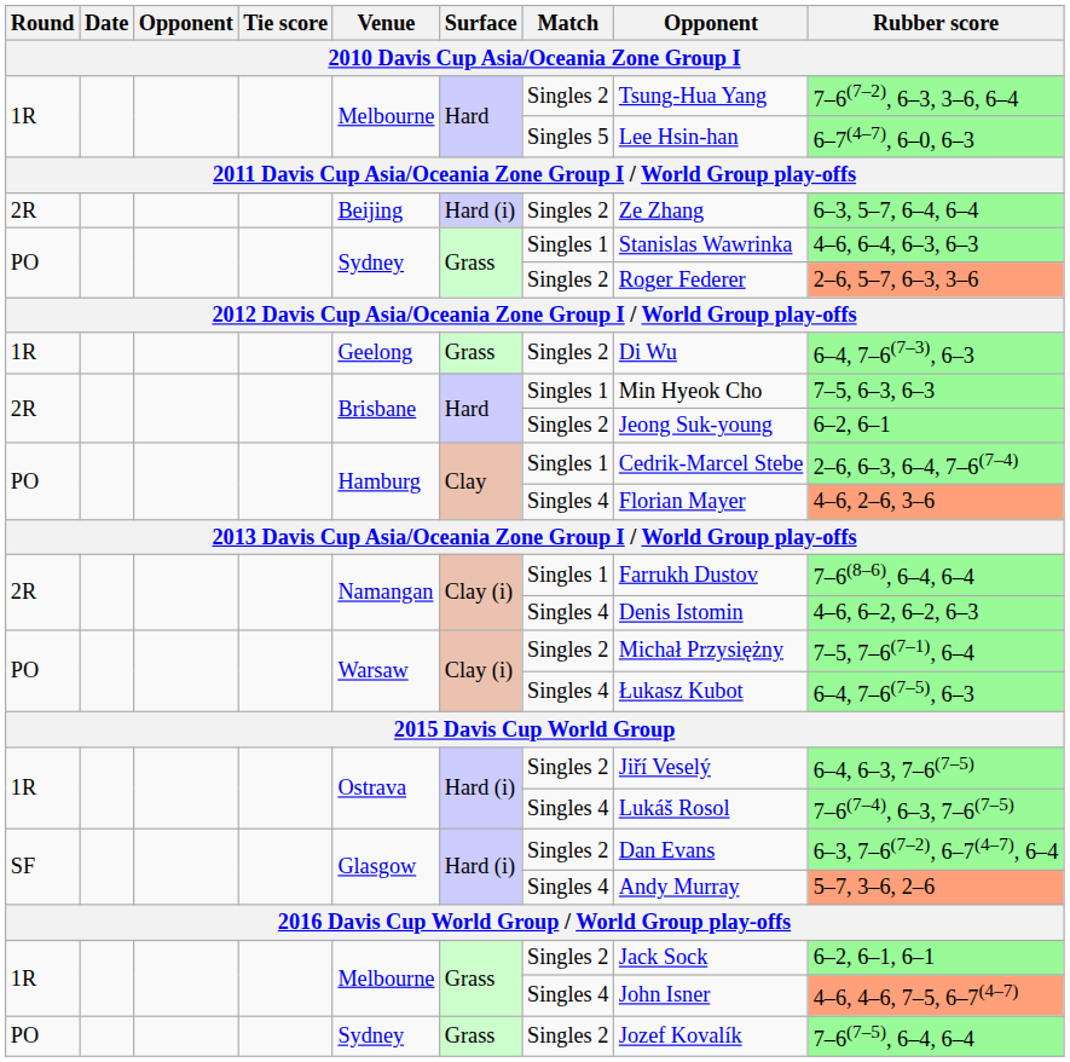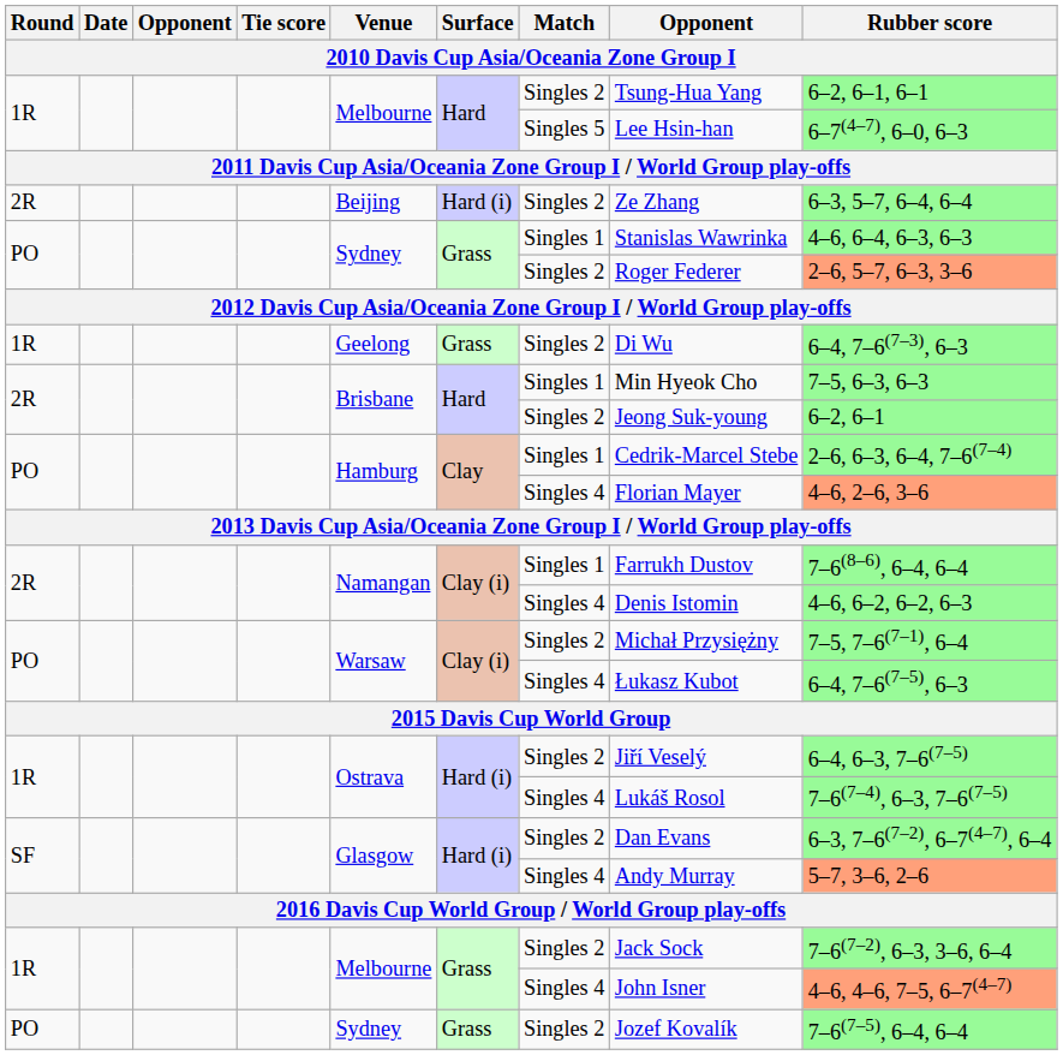 <table class="wikitable style="font-size:96%">
 <tr>
 <th>Round</th>
 <th>Date</th>
 <th>Opponent</th>
 <th>Tie score</th>
 <th>Venue</th>
 <th>Surface</th>
 <th>Match</th>
 <th>Opponent</th>
 <th>Rubber score</th>
 </tr>
 <tr>
 <th colspan=9><a href='#'>2010 Davis Cup Asia/Oceania Zone Group I</a></th>
 </tr>
 <tr>
 <td rowspan=2>1R</td>
 <td rowspan=2></td>
 <td rowspan=2></td>
 <td rowspan=2></td>
 <td rowspan=2><a href='#'>Melbourne</a></td>
 <td rowspan="2"  style="background:#ccf;">Hard</td>
 <td>Singles 2</td>
 <td><a href='#'>Tsung-Hua Yang</a></td>
-<td bgcolor=98fb98>7–6<sup>(7–2)</sup>, 6–3, 3–6, 6–4</td>
+<td bgcolor=98fb98>6–2, 6–1, 6–1</td>
 </tr>
 <tr>
 <td>Singles 5</td>
 <td><a href='#'>Lee Hsin-han</a></td>
 <td bgcolor=98fb98>6–7<sup>(4–7)</sup>, 6–0, 6–3</td>
 </tr>
 <tr>
 <th colspan=9><a href='#'>2011 Davis Cup Asia/Oceania Zone Group I</a> / <a href='#'>World Group play-offs</a></th>
 </tr>
 <tr>
 <td>2R</td>
 <td></td>
 <td></td>
 <td></td>
 <td><a href='#'>Beijing</a></td>
 <td style="background:#ccf;">Hard (i)</td>
 <td>Singles 2</td>
 <td><a href='#'>Ze Zhang</a></td>
 <td bgcolor=98fb98>6–3, 5–7, 6–4, 6–4</td>
 </tr>
 <tr>
 <td rowspan=2>PO</td>
 <td rowspan=2></td>
 <td rowspan=2></td>
 <td rowspan=2></td>
 <td rowspan=2><a href='#'>Sydney</a></td>
 <td rowspan="2"  style="background:#cfc;">Grass</td>
 <td>Singles 1</td>
 <td><a href='#'>Stanislas Wawrinka</a></td>
 <td bgcolor=98fb98>4–6, 6–4, 6–3, 6–3</td>
 </tr>
 <tr>
 <td>Singles 2</td>
 <td><a href='#'>Roger Federer</a></td>
 <td bgcolor=FFA07A>2–6, 5–7, 6–3, 3–6</td>
 </tr>
 <tr>
 <th colspan=9><a href='#'>2012 Davis Cup Asia/Oceania Zone Group I</a> / <a href='#'>World Group play-offs</a></th>
 </tr>
 <tr>
 <td>1R</td>
 <td></td>
 <td></td>
 <td></td>
 <td><a href='#'>Geelong</a></td>
 <td style="background:#cfc;">Grass</td>
 <td>Singles 2</td>
 <td><a href='#'>Di Wu</a></td>
 <td bgcolor=98fb98>6–4, 7–6<sup>(7–3)</sup>, 6–3</td>
 </tr>
 <tr>
 <td rowspan=2>2R</td>
 <td rowspan=2></td>
 <td rowspan=2></td>
 <td rowspan=2></td>
 <td rowspan=2><a href='#'>Brisbane</a></td>
 <td rowspan="2"  style="background:#ccf;">Hard</td>
 <td>Singles 1</td>
 <td>Min Hyeok Cho</td>
 <td bgcolor=98fb98>7–5, 6–3, 6–3</td>
 </tr>
 <tr>
 <td>Singles 2</td>
 <td><a href='#'>Jeong Suk-young</a></td>
 <td bgcolor=98fb98>6–2, 6–1</td>
 </tr>
 <tr>
 <td rowspan=2>PO</td>
 <td rowspan=2></td>
 <td rowspan=2></td>
 <td rowspan=2></td>
 <td rowspan=2><a href='#'>Hamburg</a></td>
 <td rowspan="2"  style="background:#ebc2af;">Clay</td>
 <td>Singles 1</td>
 <td><a href='#'>Cedrik-Marcel Stebe</a></td>
 <td bgcolor=98fb98>2–6, 6–3, 6–4, 7–6<sup>(7–4)</sup></td>
 </tr>
 <tr>
 <td>Singles 4</td>
 <td><a href='#'>Florian Mayer</a></td>
 <td bgcolor=FFA07A>4–6, 2–6, 3–6</td>
 </tr>
 <tr>
 <th colspan=9><a href='#'>2013 Davis Cup Asia/Oceania Zone Group I</a> / <a href='#'>World Group play-offs</a></th>
 </tr>
 <tr>
 <td rowspan=2>2R</td>
 <td rowspan=2></td>
 <td rowspan=2></td>
 <td rowspan=2></td>
 <td rowspan=2><a href='#'>Namangan</a></td>
 <td rowspan="2"  style="background:#ebc2af;">Clay (i)</td>
 <td>Singles 1</td>
 <td><a href='#'>Farrukh Dustov</a></td>
 <td bgcolor=98fb98>7–6<sup>(8–6)</sup>, 6–4, 6–4</td>
 </tr>
 <tr>
 <td>Singles 4</td>
 <td><a href='#'>Denis Istomin</a></td>
 <td bgcolor=98fb98>4–6, 6–2, 6–2, 6–3</td>
 </tr>
 <tr>
 <td rowspan=2>PO</td>
 <td rowspan=2></td>
 <td rowspan=2></td>
 <td rowspan=2></td>
 <td rowspan=2><a href='#'>Warsaw</a></td>
 <td rowspan="2"  style="background:#ebc2af;">Clay (i)</td>
 <td>Singles 2</td>
 <td><a href='#'>Michał Przysiężny</a></td>
 <td bgcolor=98fb98>7–5, 7–6<sup>(7–1)</sup>, 6–4</td>
 </tr>
 <tr>
 <td>Singles 4</td>
 <td><a href='#'>Łukasz Kubot</a></td>
 <td bgcolor=98fb98>6–4, 7–6<sup>(7–5)</sup>, 6–3</td>
 </tr>
 <tr>
 <th colspan=9><a href='#'>2015 Davis Cup World Group</a></th>
 </tr>
 <tr>
 <td rowspan=2>1R</td>
 <td rowspan=2></td>
 <td rowspan=2></td>
 <td rowspan=2></td>
 <td rowspan=2><a href='#'>Ostrava</a></td>
 <td rowspan="2"  style="background:#ccf;">Hard (i)</td>
 <td>Singles 2</td>
 <td><a href='#'>Jiří Veselý</a></td>
 <td bgcolor=98fb98>6–4, 6–3, 7–6<sup>(7–5)</sup></td>
 </tr>
 <tr>
 <td>Singles 4</td>
 <td><a href='#'>Lukáš Rosol</a></td>
 <td bgcolor=98fb98>7–6<sup>(7–4)</sup>, 6–3, 7–6<sup>(7–5)</sup></td>
 </tr>
 <tr>
 <td rowspan=2>SF</td>
 <td rowspan=2></td>
 <td rowspan=2></td>
 <td rowspan=2></td>
 <td rowspan=2><a href='#'>Glasgow</a></td>
 <td rowspan="2"  bgcolor=CCCCFF>Hard (i)</td>
 <td>Singles 2</td>
 <td><a href='#'>Dan Evans</a></td>
 <td bgcolor=98fb98>6–3, 7–6<sup>(7–2)</sup>, 6–7<sup>(4–7)</sup>, 6–4</td>
 </tr>
 <tr>
 <td>Singles 4</td>
 <td><a href='#'>Andy Murray</a></td>
 <td bgcolor=FFA07A>5–7, 3–6, 2–6</td>
 </tr>
 <tr>
 <th colspan=9><a href='#'>2016 Davis Cup World Group</a> / <a href='#'>World Group play-offs</a></th>
 </tr>
 <tr>
 <td rowspan=2>1R</td>
 <td rowspan=2></td>
 <td rowspan=2></td>
 <td rowspan=2></td>
 <td rowspan=2><a href='#'>Melbourne</a></td>
 <td rowspan="2"  style="background:#cfc;">Grass</td>
 <td>Singles 2</td>
 <td><a href='#'>Jack Sock</a></td>
-<td bgcolor=98fb98>6–2, 6–1, 6–1</td>
+<td bgcolor=98fb98>7–6<sup>(7–2)</sup>, 6–3, 3–6, 6–4</td>
 </tr>
 <tr>
 <td>Singles 4</td>
 <td><a href='#'>John Isner</a></td>
 <td bgcolor=FFA07A>4–6, 4–6, 7–5, 6–7<sup>(4–7)</sup></td>
 </tr>
 <tr>
 <td>PO</td>
 <td></td>
 <td></td>
 <td></td>
 <td><a href='#'>Sydney</a></td>
 <td style="background:#cfc;">Grass</td>
 <td>Singles 2</td>
 <td><a href='#'>Jozef Kovalík</a></td>
 <td bgcolor=98fb98>7–6<sup>(7–5)</sup>, 6–4, 6–4</td>
 </tr>
 </table>
